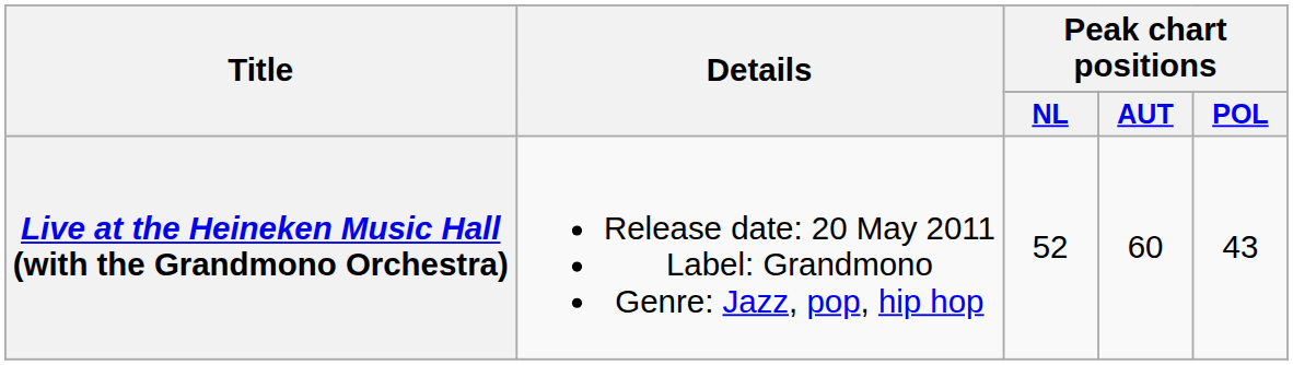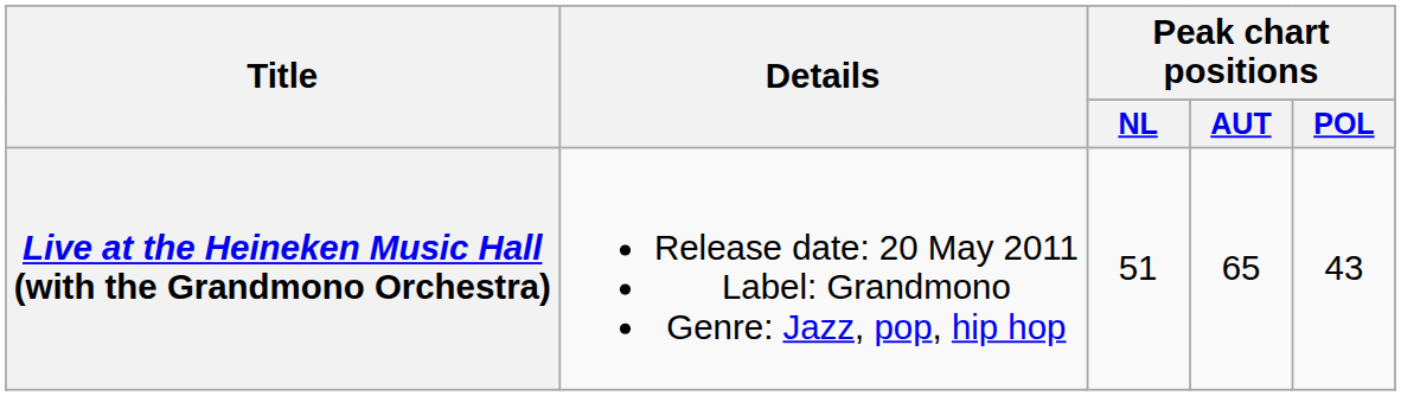 <table class="wikitable plainrowheaders" style="text-align:center;">
 <tr>
 <th scope="col" rowspan="2">Title</th>
 <th scope="col" rowspan="2">Details</th>
 <th scope="col" colspan="3">Peak chart positions</th>
 </tr>
 <tr>
 <th scope="col" style="width:3em;font-size:85%;"><a href='#'>NL</a><br></th>
 <th scope="col" style="width:3em;font-size:85%;"><a href='#'>AUT</a><br></th>
 <th scope="col" style="width:3em;font-size:85%;"><a href='#'>POL</a></th>
 </tr>
 <tr>
 <th scope="row"><em><a href='#'>Live at the Heineken Music Hall</a></em><br><span>(with the Grandmono Orchestra)</span></th>
 <td><br><ul><li>Release date: 20 May 2011</li><li>Label: Grandmono</li><li>Genre: <a href='#'>Jazz</a>, <a href='#'>pop</a>, <a href='#'>hip hop</a></li></ul></td>
-<td>52</td>
-<td>60</td>
+<td>51</td>
+<td>65</td>
 <td>43</td>
 </tr>
 </table>
